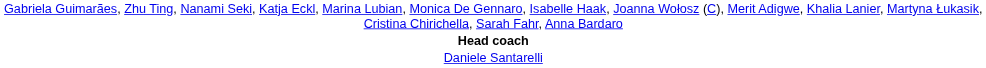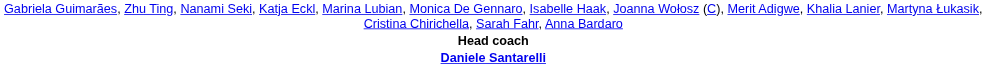 <table style="text-align: center; margin-top: 2em; margin-left: auto; margin-right: auto">
 <tr>
 <td><a href='#'>Gabriela Guimarães</a>, <a href='#'>Zhu Ting</a>, <a href='#'>Nanami Seki</a>, <a href='#'>Katja Eckl</a>, <a href='#'>Marina Lubian</a>, <a href='#'>Monica De Gennaro</a>, <a href='#'>Isabelle Haak</a>, <a href='#'>Joanna Wołosz</a> (<a href='#'>C</a>), <a href='#'>Merit Adigwe</a>, <a href='#'>Khalia Lanier</a>, <a href='#'>Martyna Łukasik</a>, <a href='#'>Cristina Chirichella</a>, <a href='#'>Sarah Fahr</a>, <a href='#'>Anna Bardaro</a></td>
 </tr>
 <tr>
 <td><strong>Head coach</strong></td>
 </tr>
 <tr>
-<td><a href='#'>Daniele Santarelli</a></td>
+<td><strong><a href='#'>Daniele Santarelli</a></strong></td>
 </tr>
 </table>
